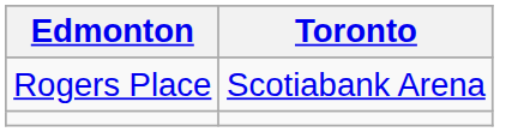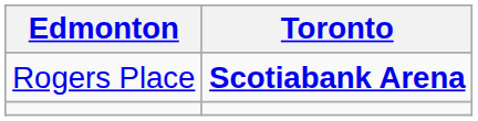 <table class="wikitable" style="text-align:center">
 <tr>
 <th><a href='#'>Edmonton</a></th>
 <th><a href='#'>Toronto</a></th>
 </tr>
 <tr>
 <td><a href='#'>Rogers Place</a></td>
-<td><a href='#'>Scotiabank Arena</a></td>
+<td><strong><a href='#'>Scotiabank Arena</a></strong></td>
 </tr>
 <tr>
 <td></td>
 <td></td>
 </tr>
 </table>
